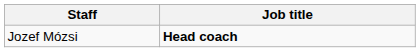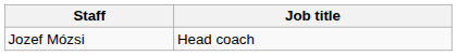 <table class="wikitable">
 <tr>
 <th width=180>Staff</th>
 <th width=300>Job title</th>
 </tr>
 <tr>
 <td> Jozef Mózsi</td>
-<td><strong>Head coach</strong></td>
+<td>Head coach</td>
 </tr>
 </table>
